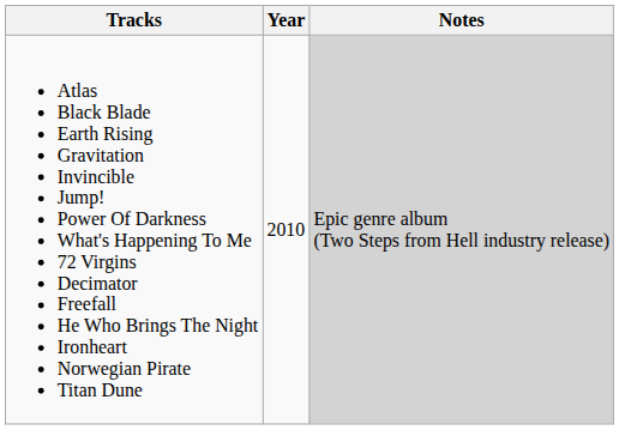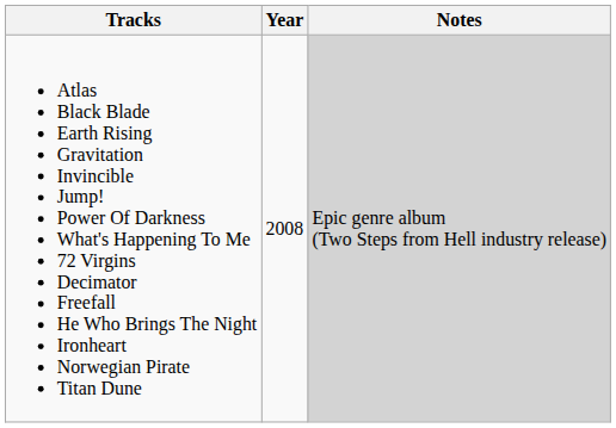 <table class="wikitable sortable">
 <tr>
 <th>Tracks</th>
 <th>Year</th>
 <th>Notes</th>
 </tr>
 <tr>
 <td><br><ul><li>Atlas</li><li>Black Blade</li><li>Earth Rising</li><li>Gravitation</li><li>Invincible</li><li>Jump!</li><li>Power Of Darkness</li><li>What's Happening To Me</li><li>72 Virgins</li><li>Decimator</li><li>Freefall</li><li>He Who Brings The Night</li><li>Ironheart</li><li>Norwegian Pirate</li><li>Titan Dune</li></ul></td>
-<td>2010</td>
+<td>2008</td>
 <td style="background: lightgrey;">Epic genre album<br>(Two Steps from Hell industry release)</td>
 </tr>
 </table>
